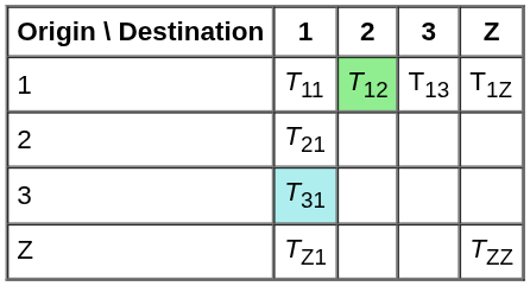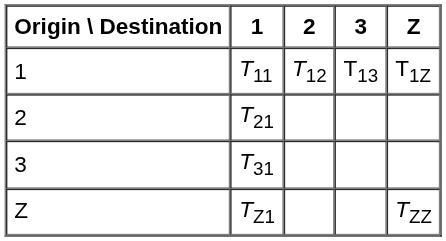 <table border="1" cellpadding="5" cellspacing="0" align="center">
 <tr>
 <th>Origin \ Destination</th>
 <th>1</th>
 <th>2</th>
 <th>3</th>
 <th>Z</th>
 </tr>
 <tr>
 <td>1</td>
 <td><em>T</em><sub>11</sub></td>
-<td style="background: lightgreen;"><em>T</em><sub>12</sub></td>
+<td><em>T</em><sub>12</sub></td>
 <td>T<sub>13</sub></td>
 <td>T<sub>1Z</sub></td>
 </tr>
 <tr>
 <td>2</td>
 <td><em>T</em><sub>21</sub></td>
 <td></td>
 <td></td>
 <td></td>
 </tr>
 <tr>
 <td>3</td>
-<td style="background: paleturquoise;"><em>T</em><sub>31</sub></td>
+<td><em>T</em><sub>31</sub></td>
 <td></td>
 <td></td>
 <td></td>
 </tr>
 <tr>
 <td>Z</td>
 <td><em>T</em><sub>Z1</sub></td>
 <td></td>
 <td></td>
 <td><em>T</em><sub>ZZ</sub></td>
 </tr>
 <tr>
 </tr>
 </table>
